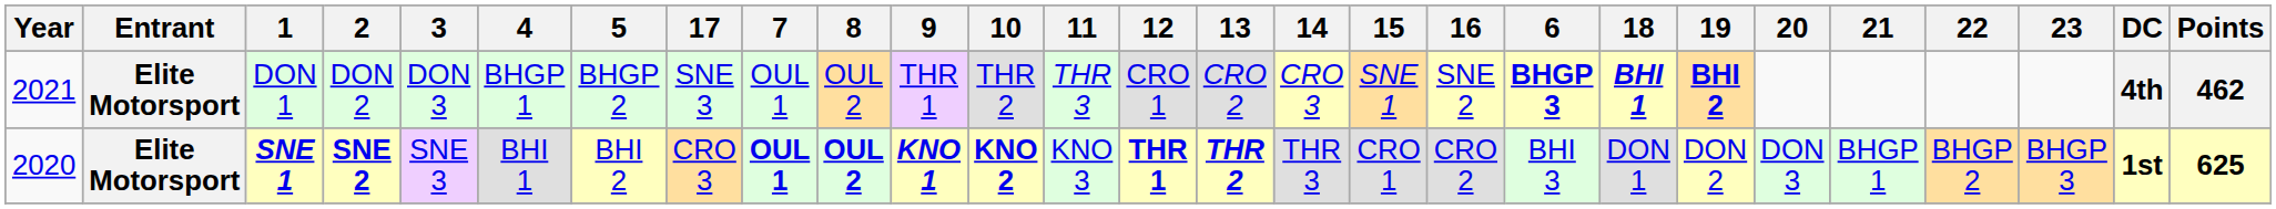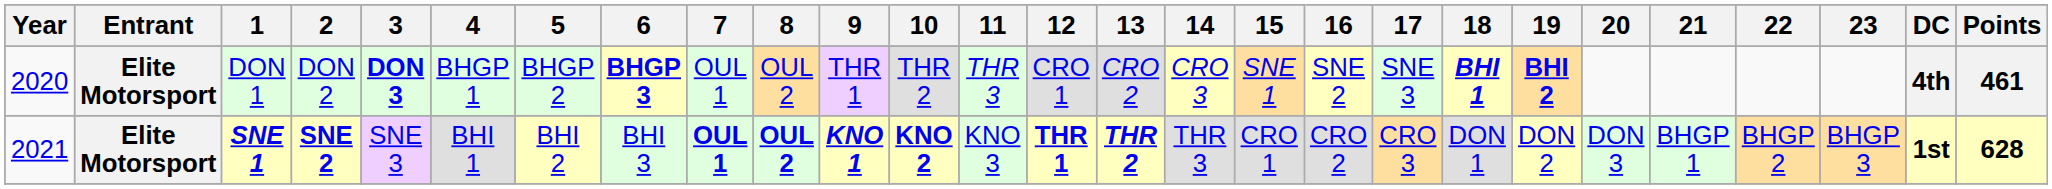 <table class="wikitable" style="text-align:center; font-size:90%">
 <tr>
 <th>Year</th>
 <th>Entrant</th>
 <th>1</th>
 <th>2</th>
 <th>3</th>
 <th>4</th>
 <th>5</th>
-<th>17</th>
+<th>6</th>
 <th>7</th>
 <th>8</th>
 <th>9</th>
 <th>10</th>
 <th>11</th>
 <th>12</th>
 <th>13</th>
 <th>14</th>
 <th>15</th>
 <th>16</th>
-<th>6</th>
+<th>17</th>
 <th>18</th>
 <th>19</th>
 <th>20</th>
 <th>21</th>
 <th>22</th>
 <th>23</th>
 <th>DC</th>
 <th>Points</th>
 </tr>
 <tr>
-<td><a href='#'>2021</a></td>
+<td><a href='#'>2020</a></td>
 <th>Elite Motorsport</th>
 <td style="background:#DFFFDF;"><a href='#'>DON<br>1</a><br></td>
 <td style="background:#DFFFDF;"><a href='#'>DON<br>2</a><br></td>
-<td style="background:#DFFFDF;"><a href='#'>DON<br>3</a><br></td>
+<td style="background:#DFFFDF;"><strong><a href='#'>DON<br>3</a><br></strong></td>
 <td style="background:#DFFFDF;"><a href='#'>BHGP<br>1</a><br></td>
 <td style="background:#DFFFDF;"><a href='#'>BHGP<br>2</a><br></td>
-<td style="background:#DFFFDF;"><a href='#'>SNE<br>3</a><br></td>
+<td style="background:#FFFFBF;"><strong><a href='#'>BHGP<br>3</a></strong><br></td>
 <td style="background:#DFFFDF;"><a href='#'>OUL<br>1</a><br></td>
 <td style="background:#FFDF9F;"><a href='#'>OUL<br>2</a><br></td>
 <td style="background:#EFCFFF;"><a href='#'>THR<br>1</a><br></td>
 <td style="background:#DFDFDF;"><a href='#'>THR<br>2</a><br></td>
 <td style="background:#DFFFDF;"><em><a href='#'>THR<br>3</a></em><br></td>
 <td style="background:#DFDFDF;"><a href='#'>CRO<br>1</a><br></td>
 <td style="background:#DFDFDF;"><em><a href='#'>CRO<br>2</a></em><br></td>
 <td style="background:#FFFFBF;"><em><a href='#'>CRO<br>3</a></em><br></td>
 <td style="background:#FFDF9F;"><em><a href='#'>SNE<br>1</a></em><br></td>
 <td style="background:#FFFFBF;"><a href='#'>SNE<br>2</a><br></td>
-<td style="background:#FFFFBF;"><strong><a href='#'>BHGP<br>3</a></strong><br></td>
+<td style="background:#DFFFDF;"><a href='#'>SNE<br>3</a><br></td>
 <td style="background:#FFFFBF;"><strong><em><a href='#'>BHI<br>1</a></em></strong><br></td>
 <td style="background:#FFDF9F;"><strong><a href='#'>BHI<br>2</a></strong><br></td>
 <td></td>
 <td></td>
 <td></td>
 <td></td>
 <th>4th</th>
-<th>462</th>
+<th>461</th>
 </tr>
 <tr>
-<td><a href='#'>2020</a></td>
+<td><a href='#'>2021</a></td>
 <th>Elite Motorsport</th>
 <td style="background:#FFFFBF;"><strong><em><a href='#'>SNE<br>1</a></em></strong><br></td>
 <td style="background:#FFFFBF;"><strong><a href='#'>SNE<br>2</a></strong><br></td>
 <td style="background:#EFCFFF;"><a href='#'>SNE<br>3</a><br></td>
 <td style="background:#DFDFDF;"><a href='#'>BHI<br>1</a><br></td>
 <td style="background:#FFFFBF;"><a href='#'>BHI<br>2</a><br></td>
-<td style="background:#FFDF9F;"><a href='#'>CRO<br>3</a><br></td>
+<td style="background:#DFFFDF;"><a href='#'>BHI<br>3</a><br></td>
 <td style="background:#DFFFDF;"><strong><a href='#'>OUL<br>1</a></strong><br></td>
 <td style="background:#DFFFDF;"><strong><a href='#'>OUL<br>2</a><br></strong></td>
 <td style="background:#FFFFBF;"><strong><em><a href='#'>KNO<br>1</a></em></strong><br></td>
 <td style="background:#FFFFBF;"><strong><a href='#'>KNO<br>2</a></strong><br></td>
 <td style="background:#DFFFDF;"><a href='#'>KNO<br>3</a><br></td>
 <td style="background:#FFFFBF;"><strong><a href='#'>THR<br>1</a></strong><br></td>
 <td style="background:#FFFFBF;"><strong><em><a href='#'>THR<br>2</a></em></strong><br></td>
 <td style="background:#DFDFDF;"><a href='#'>THR<br>3</a><br></td>
 <td style="background:#DFDFDF;"><a href='#'>CRO<br>1</a><br></td>
 <td style="background:#DFDFDF;"><a href='#'>CRO<br>2</a><br></td>
-<td style="background:#DFFFDF;"><a href='#'>BHI<br>3</a><br></td>
+<td style="background:#FFDF9F;"><a href='#'>CRO<br>3</a><br></td>
 <td style="background:#DFDFDF;"><a href='#'>DON<br>1</a><br></td>
 <td style="background:#FFFFBF;"><a href='#'>DON<br>2</a><br></td>
 <td style="background:#DFFFDF;"><a href='#'>DON<br>3</a><br></td>
 <td style="background:#DFFFDF;"><a href='#'>BHGP<br>1</a><br></td>
 <td style="background:#FFDF9F;"><a href='#'>BHGP<br>2</a><br></td>
 <td style="background:#FFDF9F;"><a href='#'>BHGP<br>3</a><br></td>
 <th style="background:#FFFFBF;">1st</th>
-<th style="background:#FFFFBF;">625</th>
+<th style="background:#FFFFBF;">628</th>
 </tr>
 </table>
